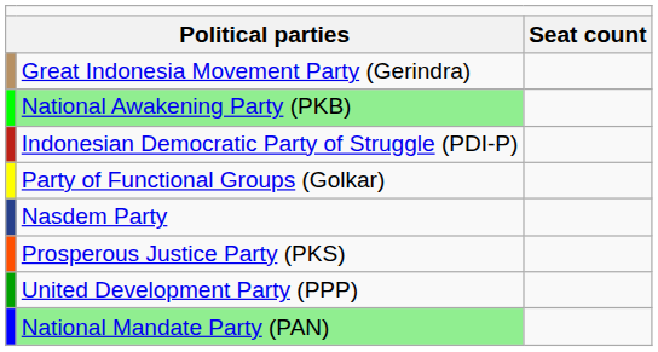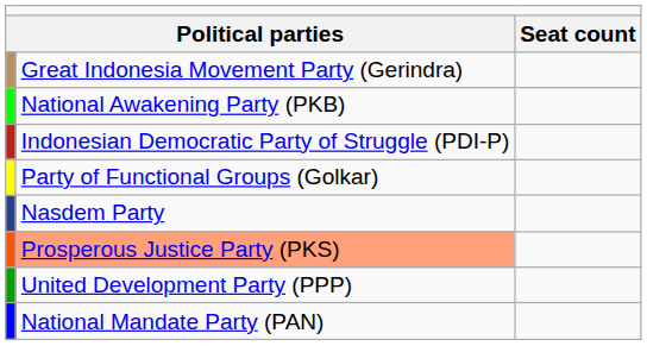 <table class="wikitable">
 <tr>
 <td colspan="4"></td>
 </tr>
 <tr>
 <th colspan="2">Political parties</th>
 <th>Seat count</th>
 </tr>
 <tr>
 <td bgcolor=#B79164></td>
 <td><a href='#'>Great Indonesia Movement Party</a> (Gerindra)</td>
 <td></td>
 </tr>
 <tr>
 <td bgcolor=#00FF00></td>
-<td style="background: lightgreen;"><a href='#'>National Awakening Party</a> (PKB)</td>
+<td><a href='#'>National Awakening Party</a> (PKB)</td>
 <td></td>
 </tr>
 <tr>
 <td bgcolor=#BD2016></td>
 <td><a href='#'>Indonesian Democratic Party of Struggle</a> (PDI-P)</td>
 <td></td>
 </tr>
 <tr>
 <td bgcolor=#FFFF00></td>
 <td><a href='#'>Party of Functional Groups</a> (Golkar)</td>
 <td></td>
 </tr>
 <tr>
 <td bgcolor=#27408B></td>
 <td><a href='#'>Nasdem Party</a></td>
 <td></td>
 </tr>
 <tr>
 <td bgcolor=#FF4F00></td>
-<td><a href='#'>Prosperous Justice Party</a> (PKS)</td>
+<td style="background: lightsalmon;"><a href='#'>Prosperous Justice Party</a> (PKS)</td>
 <td></td>
 </tr>
 <tr>
 <td bgcolor=#00A100></td>
 <td><a href='#'>United Development Party</a> (PPP)</td>
 <td></td>
 </tr>
 <tr>
 <td bgcolor=#0000FF></td>
-<td style="background: lightgreen;"><a href='#'>National Mandate Party</a> (PAN)</td>
+<td><a href='#'>National Mandate Party</a> (PAN)</td>
 <td></td>
 </tr>
 </table>
